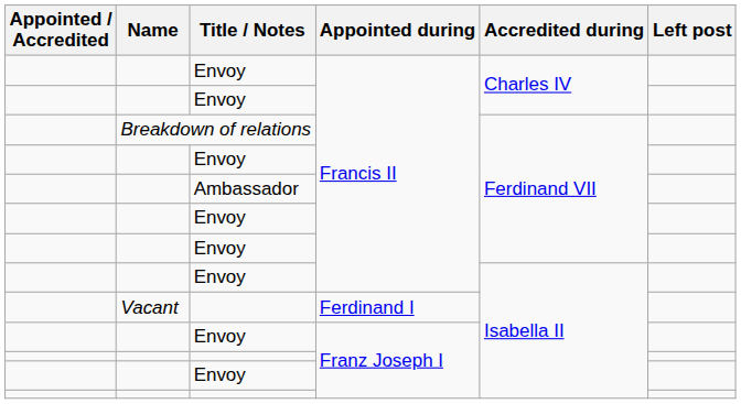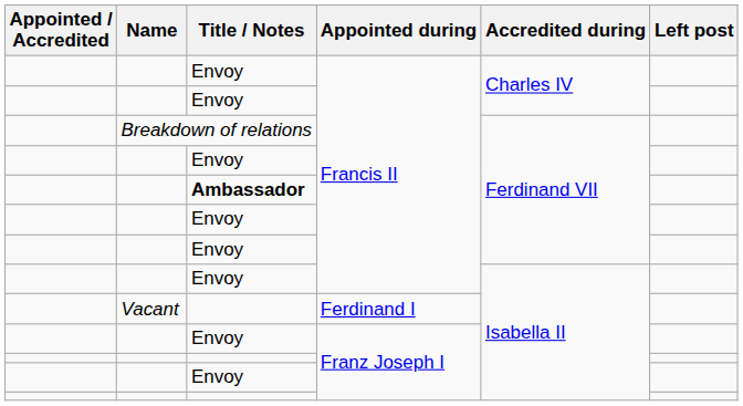 <table class="wikitable sortable">
 <tr>
 <th>Appointed /<br>Accredited</th>
 <th>Name</th>
 <th class="unsortable">Title / Notes</th>
 <th>Appointed during</th>
 <th>Accredited during</th>
 <th>Left post</th>
 </tr>
 <tr>
 <td></td>
 <td></td>
 <td>Envoy</td>
 <td rowspan="8"><a href='#'>Francis II</a></td>
 <td rowspan="2"><a href='#'>Charles IV</a></td>
 <td></td>
 </tr>
 <tr>
 <td></td>
 <td></td>
 <td>Envoy</td>
 <td></td>
 </tr>
 <tr>
 <td></td>
 <td colspan=2><em>Breakdown of relations</em></td>
 <td rowspan="5"><a href='#'>Ferdinand VII</a></td>
 <td></td>
 </tr>
 <tr>
 <td></td>
 <td></td>
 <td>Envoy</td>
 <td></td>
 </tr>
 <tr>
 <td></td>
 <td></td>
-<td>Ambassador</td>
+<td><strong>Ambassador</strong></td>
 <td></td>
 </tr>
 <tr>
 <td></td>
 <td></td>
 <td>Envoy</td>
 <td></td>
 </tr>
 <tr>
 <td></td>
 <td></td>
 <td>Envoy</td>
 <td></td>
 </tr>
 <tr>
 <td></td>
 <td></td>
 <td>Envoy</td>
 <td rowspan="6"><a href='#'>Isabella II</a></td>
 <td></td>
 </tr>
 <tr>
 <td></td>
 <td><em>Vacant</em></td>
 <td></td>
 <td><a href='#'>Ferdinand I</a></td>
 <td></td>
 </tr>
 <tr>
 <td></td>
 <td></td>
 <td>Envoy</td>
 <td rowspan="4"><a href='#'>Franz Joseph I</a></td>
 <td></td>
 </tr>
 <tr>
 <td></td>
 <td></td>
 <td></td>
 <td></td>
 </tr>
 <tr>
 <td></td>
 <td></td>
 <td>Envoy</td>
 <td></td>
 </tr>
 <tr>
 <td></td>
 <td></td>
 <td></td>
 <td></td>
 </tr>
 </table>
